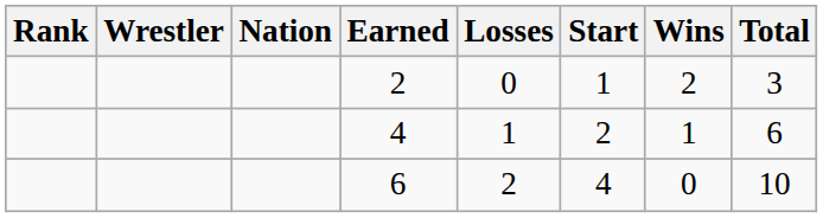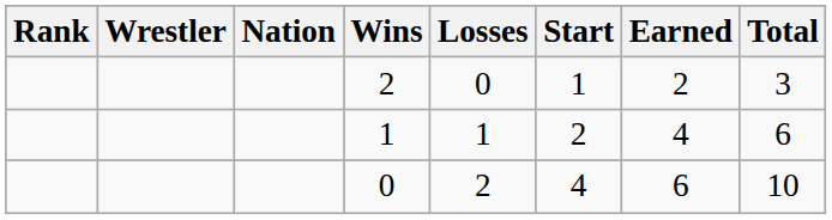 <table class="wikitable sortable" style="text-align:center;">
 <tr>
 <th>Rank</th>
 <th>Wrestler</th>
 <th>Nation</th>
-<th>Earned</th>
+<th>Wins</th>
 <th>Losses</th>
 <th>Start</th>
-<th>Wins</th>
+<th>Earned</th>
 <th>Total</th>
 </tr>
 <tr>
 <td></td>
 <td align=left></td>
 <td align=left></td>
 <td>2</td>
 <td>0</td>
 <td>1</td>
 <td>2</td>
 <td>3</td>
 </tr>
 <tr>
 <td></td>
 <td align=left></td>
 <td align=left></td>
-<td>4</td>
+<td>1</td>
 <td>1</td>
 <td>2</td>
-<td>1</td>
+<td>4</td>
 <td>6</td>
 </tr>
 <tr>
 <td></td>
 <td align=left></td>
 <td align=left></td>
-<td>6</td>
+<td>0</td>
 <td>2</td>
 <td>4</td>
-<td>0</td>
+<td>6</td>
 <td>10</td>
 </tr>
 </table>
